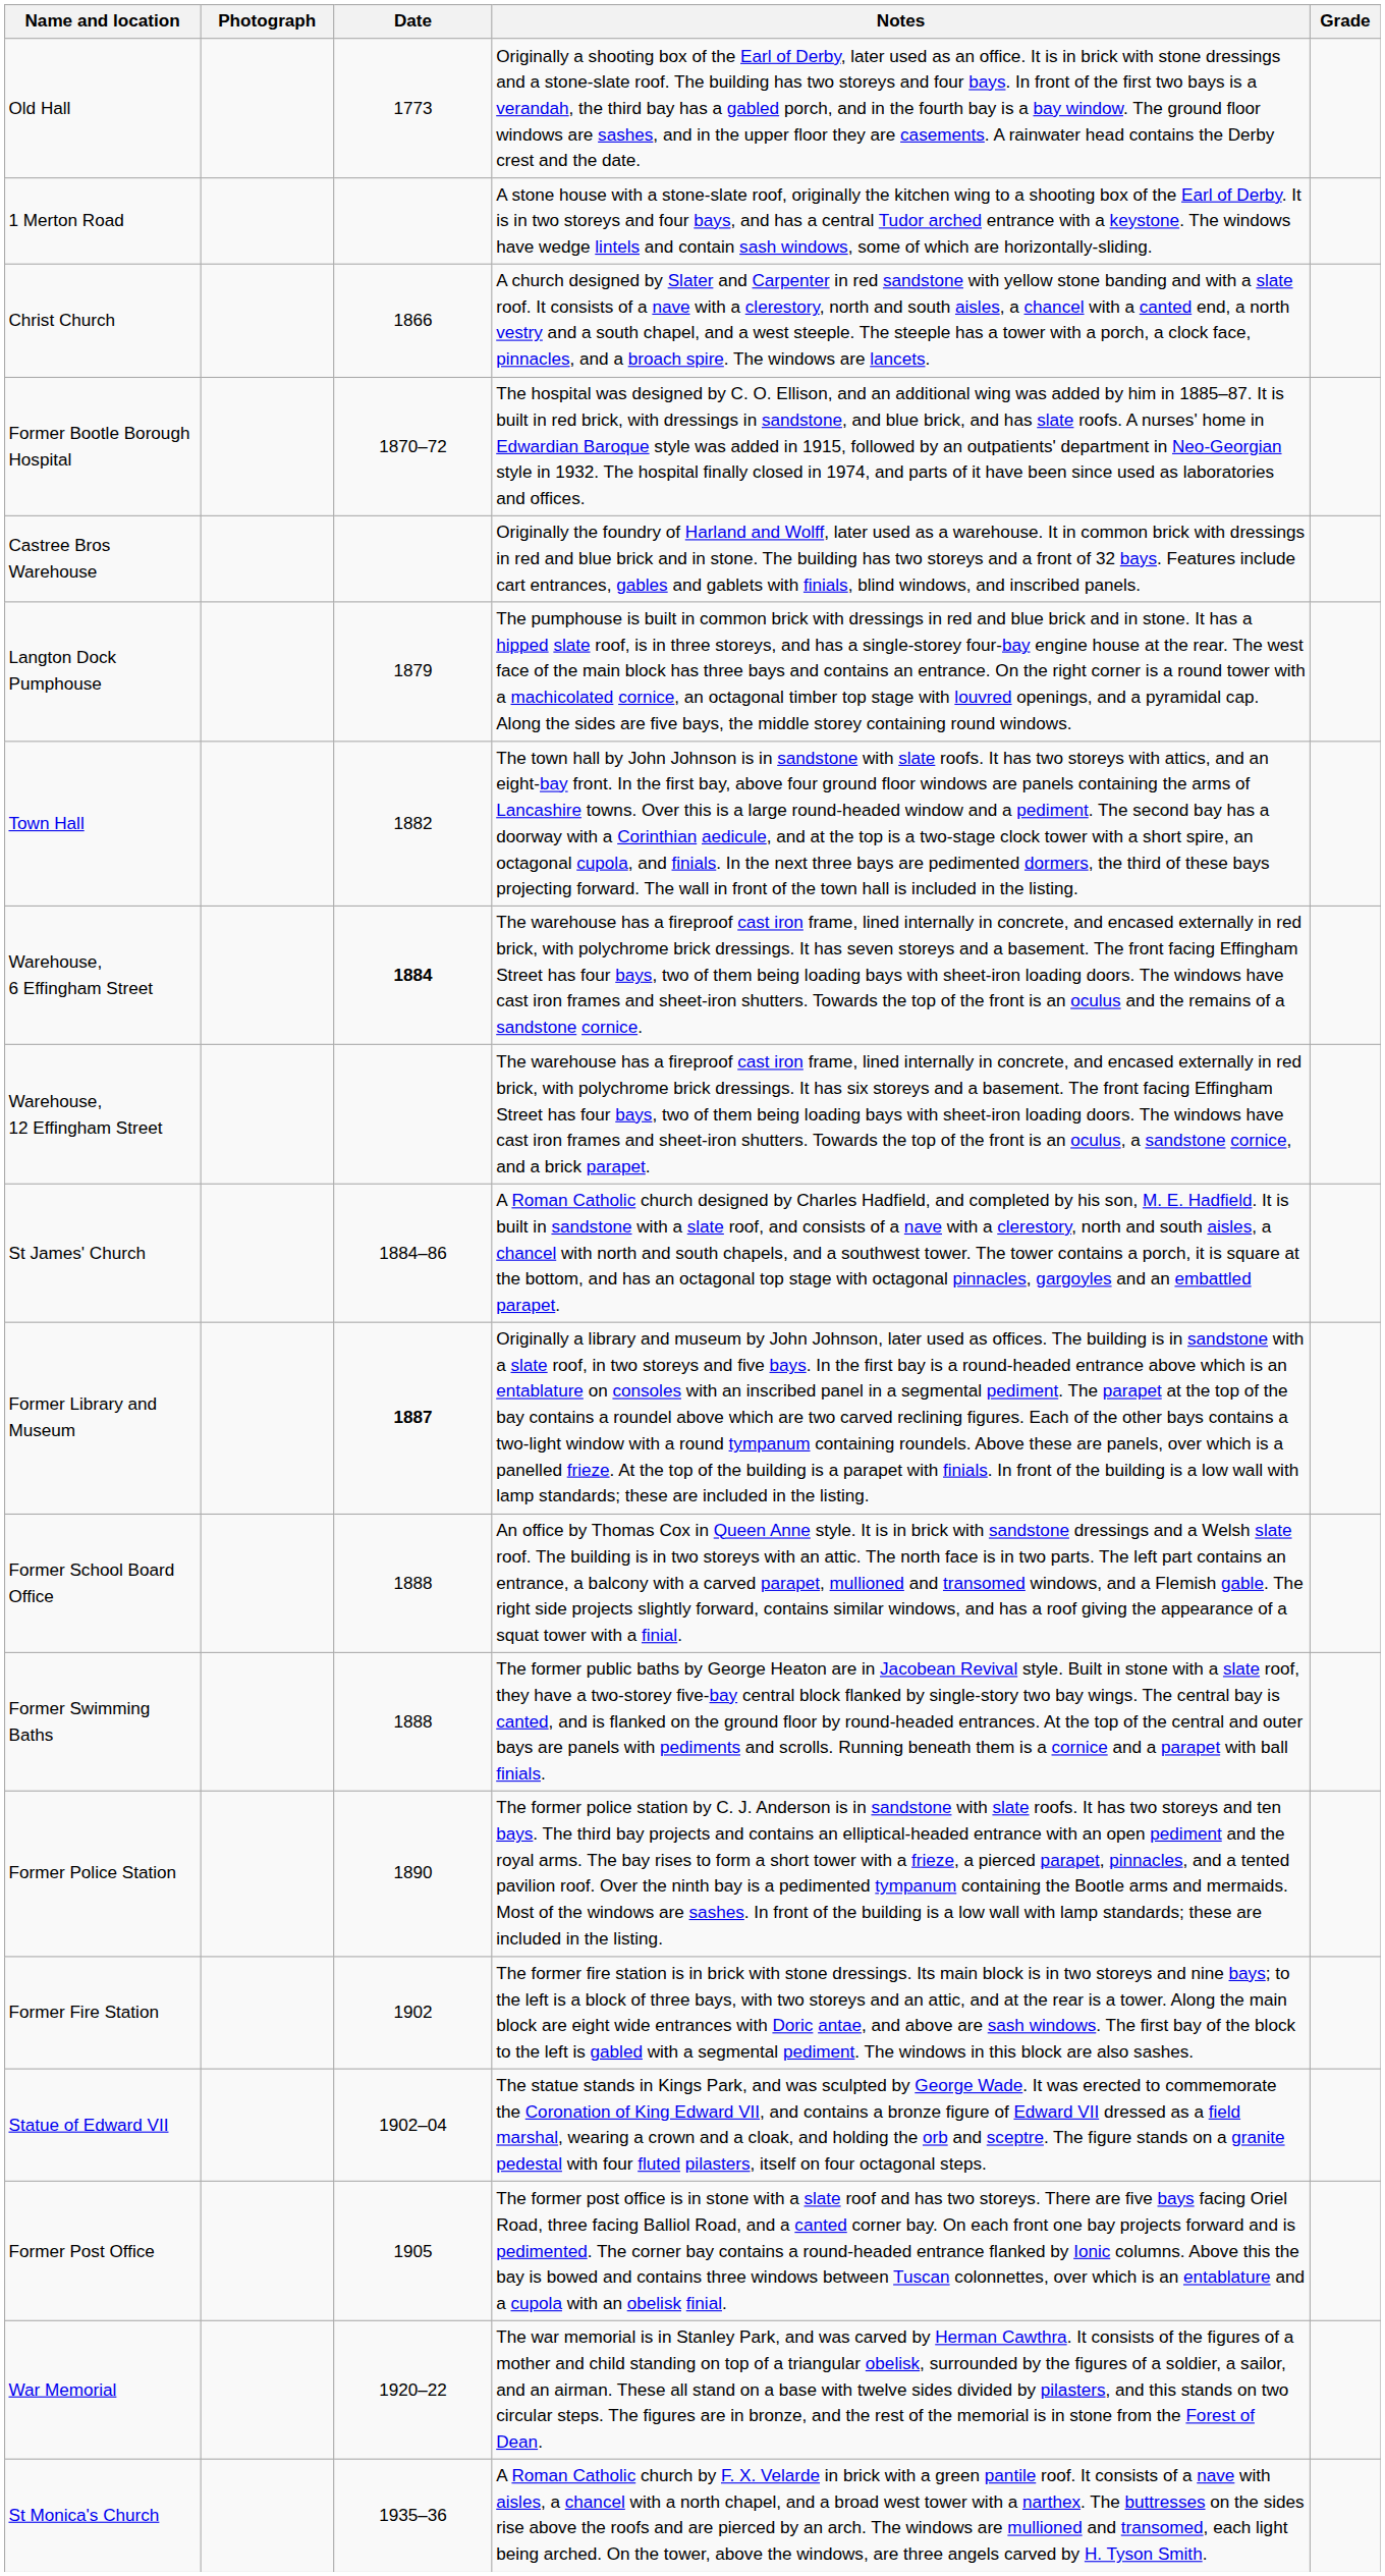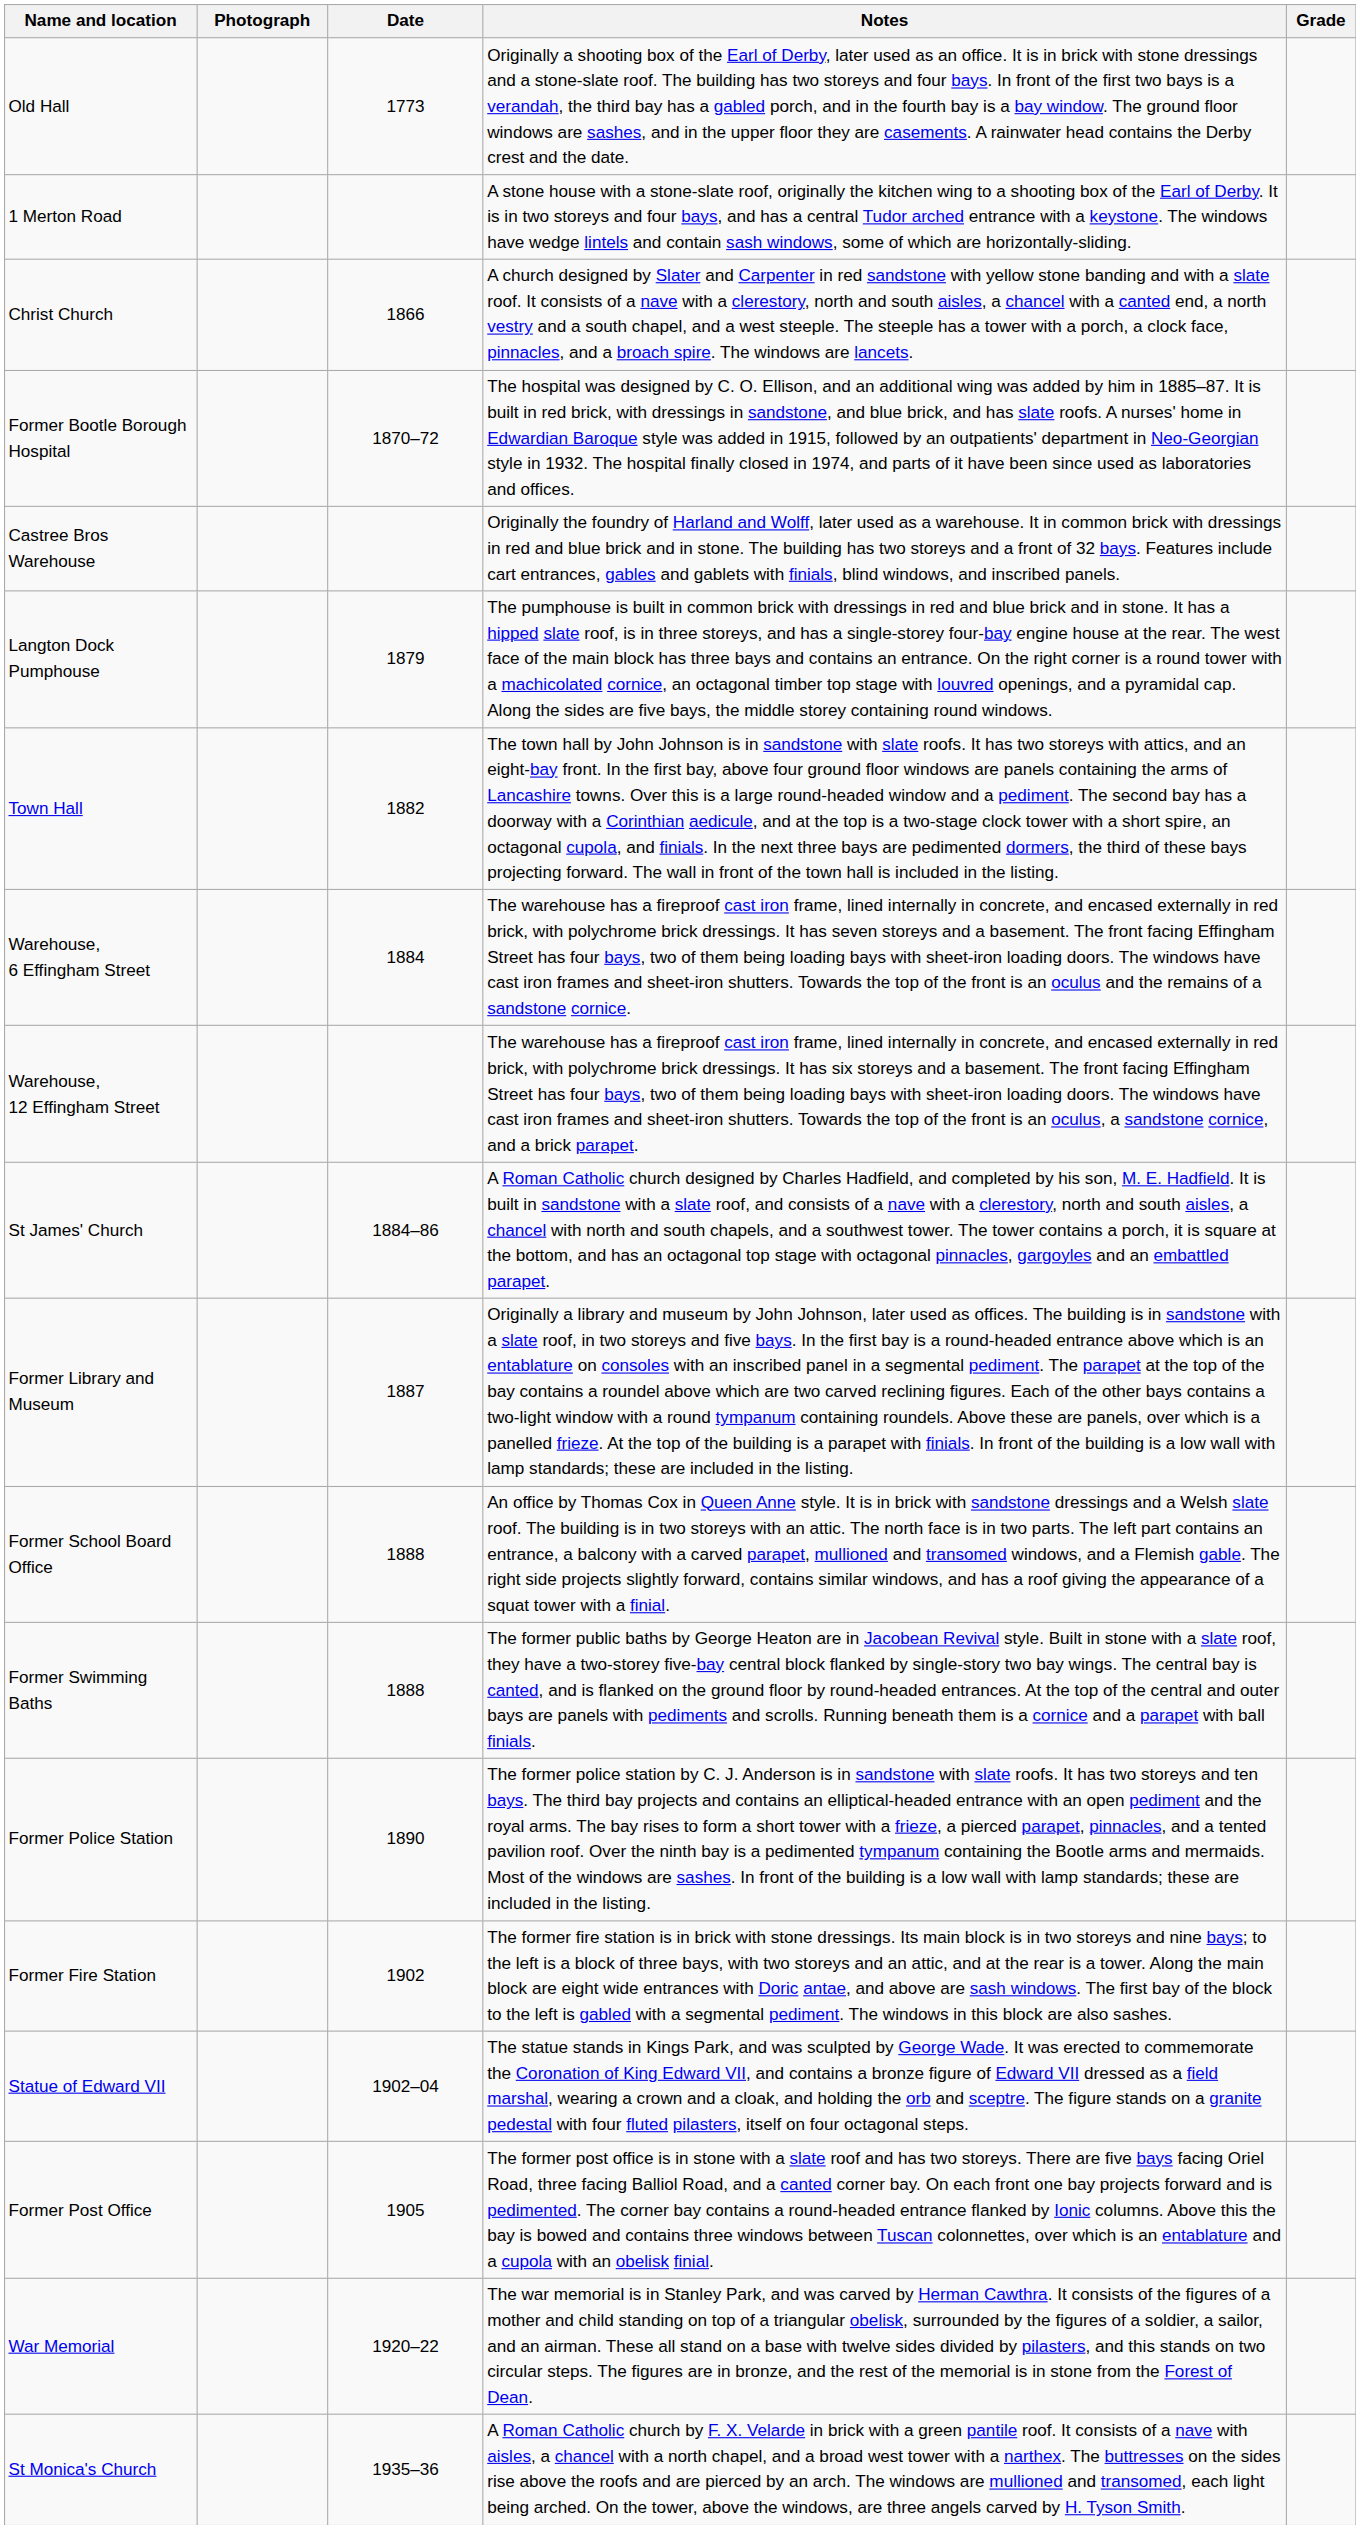 <table class="wikitable sortable plainrowheaders" style="width:100%;border:0px;text-align:left;line-height:150%;">
 <tr>
 <th scope="col"  style="width:150px">Name and location</th>
 <th scope="col"  style="width:100px" class="unsortable">Photograph</th>
 <th scope="col"  style="width:120px">Date</th>
 <th scope="col"  style="width:650px" class="unsortable">Notes</th>
 <th scope="col"  style="width:50px">Grade</th>
 </tr>
 <tr>
 <td>Old Hall<br><small></small></td>
 <td></td>
 <td align="center">1773</td>
 <td>Originally a shooting box of the <a href='#'>Earl of Derby</a>, later used as an office.  It is in brick with stone dressings and a stone-slate roof.  The building has two storeys and four <a href='#'>bays</a>.  In front of the first two bays is a <a href='#'>verandah</a>, the third bay has a <a href='#'>gabled</a> porch, and in the fourth bay is a <a href='#'>bay window</a>.  The ground floor windows are <a href='#'>sashes</a>, and in the upper floor they are <a href='#'>casements</a>.  A rainwater head contains the Derby crest and the date.</td>
 <td align="center" ></td>
 </tr>
 <tr>
 <td>1 Merton Road<br><small></small></td>
 <td></td>
 <td align="center"></td>
 <td>A stone house with a stone-slate roof, originally the kitchen wing to a shooting box of the <a href='#'>Earl of Derby</a>.  It is in two storeys and four <a href='#'>bays</a>, and has a central <a href='#'>Tudor arched</a> entrance with a <a href='#'>keystone</a>.  The windows have wedge <a href='#'>lintels</a> and contain <a href='#'>sash windows</a>, some of which are horizontally-sliding.</td>
 <td align="center" ></td>
 </tr>
 <tr>
 <td>Christ Church<br><small></small></td>
 <td></td>
 <td align="center">1866</td>
 <td>A church designed by <a href='#'>Slater</a> and <a href='#'>Carpenter</a> in red <a href='#'>sandstone</a> with yellow stone banding and with a <a href='#'>slate</a> roof.  It consists of a <a href='#'>nave</a> with a <a href='#'>clerestory</a>, north and south <a href='#'>aisles</a>, a <a href='#'>chancel</a> with a <a href='#'>canted</a> end, a north <a href='#'>vestry</a> and a south chapel, and a west steeple.  The steeple has a tower with a porch, a clock face, <a href='#'>pinnacles</a>, and a <a href='#'>broach spire</a>.  The windows are <a href='#'>lancets</a>.</td>
 <td align="center" ></td>
 </tr>
 <tr>
 <td>Former Bootle Borough Hospital<br><small></small></td>
 <td></td>
 <td align="center">1870–72</td>
 <td>The hospital was designed by C. O. Ellison, and an additional wing was added by him in 1885–87.  It is built in red brick, with dressings in <a href='#'>sandstone</a>, and blue brick, and has <a href='#'>slate</a> roofs.  A nurses' home in <a href='#'>Edwardian Baroque</a> style was added in 1915, followed by an outpatients' department in <a href='#'>Neo-Georgian</a> style in 1932.  The hospital finally closed in 1974, and parts of it have been since used as laboratories and offices.</td>
 <td align="center" ></td>
 </tr>
 <tr>
 <td>Castree Bros Warehouse<br><small></small></td>
 <td></td>
 <td align="center"></td>
 <td>Originally the foundry of <a href='#'>Harland and Wolff</a>, later used as a warehouse.  It in common brick with dressings in red and blue brick and in stone.  The building has two storeys and a front of 32 <a href='#'>bays</a>.  Features include cart entrances, <a href='#'>gables</a> and gablets with <a href='#'>finials</a>, blind windows, and inscribed panels.</td>
 <td align="center" ></td>
 </tr>
 <tr>
 <td>Langton Dock Pumphouse<br><small></small></td>
 <td></td>
 <td align="center">1879</td>
 <td>The pumphouse is built in common brick with dressings in red and blue brick and in stone.  It has a <a href='#'>hipped</a> <a href='#'>slate</a> roof, is in three storeys, and has a single-storey four-<a href='#'>bay</a> engine house at the rear.  The west face of the main block has three bays and contains an entrance.  On the right corner is a round tower with a <a href='#'>machicolated</a> <a href='#'>cornice</a>, an octagonal timber top stage with <a href='#'>louvred</a> openings, and a pyramidal cap.  Along the sides are five bays, the middle storey containing round windows.</td>
 <td align="center" ></td>
 </tr>
 <tr>
 <td><a href='#'>Town Hall</a><br><small></small></td>
 <td></td>
 <td align="center">1882</td>
 <td>The town hall by John Johnson is in <a href='#'>sandstone</a> with <a href='#'>slate</a> roofs.  It has two storeys with attics, and an eight-<a href='#'>bay</a> front.  In the first bay, above four ground floor windows are panels containing the arms of <a href='#'>Lancashire</a> towns.  Over this is a large round-headed window and a <a href='#'>pediment</a>. The second bay has a doorway with a <a href='#'>Corinthian</a> <a href='#'>aedicule</a>, and at the top is a two-stage clock tower with a short spire, an octagonal <a href='#'>cupola</a>, and <a href='#'>finials</a>.  In the next three bays are pedimented <a href='#'>dormers</a>, the third of these bays projecting forward.  The wall in front of the town hall is included in the listing.</td>
 <td align="center" ></td>
 </tr>
 <tr>
 <td>Warehouse,<br>6 Effingham Street<br><small></small></td>
 <td></td>
-<td align="center"><strong>1884</strong></td>
+<td align="center">1884</td>
 <td>The warehouse has a fireproof <a href='#'>cast iron</a> frame, lined internally in concrete, and encased externally in red brick, with polychrome brick dressings.  It has seven storeys and a basement.  The front facing Effingham Street has four <a href='#'>bays</a>, two of them being loading bays with sheet-iron loading doors.  The windows have cast iron frames and sheet-iron shutters.  Towards the top of the front is an <a href='#'>oculus</a> and the remains of a <a href='#'>sandstone</a> <a href='#'>cornice</a>.</td>
 <td align="center" ></td>
 </tr>
 <tr>
 <td>Warehouse,<br>12 Effingham Street<br><small></small></td>
 <td></td>
 <td align="center"></td>
 <td>The warehouse has a fireproof <a href='#'>cast iron</a> frame, lined internally in concrete, and encased externally in red brick, with polychrome brick dressings.  It has six storeys and a basement.  The front facing Effingham Street has four <a href='#'>bays</a>, two of them being loading bays with sheet-iron loading doors.  The windows have cast iron frames and sheet-iron shutters.  Towards the top of the front is an <a href='#'>oculus</a>, a <a href='#'>sandstone</a> <a href='#'>cornice</a>, and a brick <a href='#'>parapet</a>.</td>
 <td align="center" ></td>
 </tr>
 <tr>
 <td>St James' Church<br><small></small></td>
 <td></td>
 <td align="center">1884–86</td>
 <td>A <a href='#'>Roman Catholic</a> church designed by Charles Hadfield, and completed by his son, <a href='#'>M. E. Hadfield</a>.  It is built in <a href='#'>sandstone</a> with a <a href='#'>slate</a> roof, and consists of a <a href='#'>nave</a> with a <a href='#'>clerestory</a>, north and south <a href='#'>aisles</a>, a <a href='#'>chancel</a> with north and south chapels, and a southwest tower.  The tower contains a porch, it is square at the bottom, and has an octagonal top stage with octagonal <a href='#'>pinnacles</a>, <a href='#'>gargoyles</a> and an <a href='#'>embattled</a> <a href='#'>parapet</a>.</td>
 <td align="center" ></td>
 </tr>
 <tr>
 <td>Former Library and Museum<br><small></small></td>
 <td></td>
-<td align="center"><strong>1887</strong></td>
+<td align="center">1887</td>
 <td>Originally a library and museum by John Johnson, later used as offices.  The building is in <a href='#'>sandstone</a> with a <a href='#'>slate</a> roof, in two storeys and five <a href='#'>bays</a>.  In the first bay is a round-headed entrance above which is an <a href='#'>entablature</a> on <a href='#'>consoles</a> with an inscribed panel in a segmental <a href='#'>pediment</a>.  The <a href='#'>parapet</a> at the top of the bay contains a roundel above which are two carved reclining figures.  Each of the other bays contains a two-light window with a round <a href='#'>tympanum</a> containing roundels.  Above these are panels, over which is a panelled <a href='#'>frieze</a>.  At the top of the building is a parapet with <a href='#'>finials</a>.  In front of the building is a low wall with lamp standards; these are included in the listing.</td>
 <td align="center" ></td>
 </tr>
 <tr>
 <td>Former School Board Office<br><small></small></td>
 <td></td>
 <td align="center">1888</td>
 <td>An office by Thomas Cox in <a href='#'>Queen Anne</a> style.  It is in brick with <a href='#'>sandstone</a> dressings and a Welsh <a href='#'>slate</a> roof.  The building is in two storeys with an attic.  The north face is in two parts.  The left part contains an entrance, a balcony with a carved <a href='#'>parapet</a>, <a href='#'>mullioned</a> and <a href='#'>transomed</a> windows, and a Flemish <a href='#'>gable</a>.  The right side projects slightly forward, contains similar windows, and has a roof giving the appearance of a squat tower with a <a href='#'>finial</a>.</td>
 <td align="center" ></td>
 </tr>
 <tr>
 <td>Former Swimming Baths<br><small></small></td>
 <td></td>
 <td align="center">1888</td>
 <td>The former public baths by George Heaton are in <a href='#'>Jacobean Revival</a> style.  Built in stone with a <a href='#'>slate</a> roof, they have a two-storey five-<a href='#'>bay</a> central block flanked by single-story two bay wings.  The central bay is <a href='#'>canted</a>, and is flanked on the ground floor by round-headed entrances.  At the top of the central and outer bays are panels with <a href='#'>pediments</a> and scrolls.  Running beneath them is a <a href='#'>cornice</a> and a <a href='#'>parapet</a> with ball <a href='#'>finials</a>.</td>
 <td align="center" ></td>
 </tr>
 <tr>
 <td>Former Police Station<br><small></small></td>
 <td></td>
 <td align="center">1890</td>
 <td>The former police station by C. J. Anderson is in <a href='#'>sandstone</a> with <a href='#'>slate</a> roofs.  It has two storeys and ten <a href='#'>bays</a>.  The third bay projects and contains an elliptical-headed entrance with an open <a href='#'>pediment</a> and the royal arms.  The bay rises to form a short tower with a <a href='#'>frieze</a>, a pierced <a href='#'>parapet</a>, <a href='#'>pinnacles</a>, and a tented pavilion roof.  Over the ninth bay is a pedimented <a href='#'>tympanum</a> containing the Bootle arms and mermaids.  Most of the windows are <a href='#'>sashes</a>.  In front of the building is a low wall with lamp standards; these are included in the listing.</td>
 <td align="center" ></td>
 </tr>
 <tr>
 <td>Former Fire Station<br><small></small></td>
 <td></td>
 <td align="center">1902</td>
 <td>The former fire station is in brick with stone dressings.  Its main block is in two storeys and nine <a href='#'>bays</a>; to the left is a block of three bays, with two storeys and an attic, and at the rear is a tower.  Along the main block are eight wide entrances with <a href='#'>Doric</a> <a href='#'>antae</a>, and above are <a href='#'>sash windows</a>.  The first bay of the block to the left is <a href='#'>gabled</a> with a segmental <a href='#'>pediment</a>.  The windows in this block are also sashes.</td>
 <td align="center" ></td>
 </tr>
 <tr>
 <td><a href='#'>Statue of Edward VII</a><br><small></small></td>
 <td></td>
 <td align="center">1902–04</td>
 <td>The statue stands in Kings Park, and was sculpted by <a href='#'>George Wade</a>.  It was erected to commemorate the <a href='#'>Coronation of King Edward VII</a>, and contains a bronze figure of <a href='#'>Edward VII</a> dressed as a <a href='#'>field marshal</a>, wearing a crown and a cloak, and holding the <a href='#'>orb</a> and <a href='#'>sceptre</a>.  The figure stands on a <a href='#'>granite</a> <a href='#'>pedestal</a> with four <a href='#'>fluted</a> <a href='#'>pilasters</a>, itself on four octagonal steps.</td>
 <td align="center" ></td>
 </tr>
 <tr>
 <td>Former Post Office<br><small></small></td>
 <td></td>
 <td align="center">1905</td>
 <td>The former post office is in stone with a <a href='#'>slate</a> roof and has two storeys.  There are five <a href='#'>bays</a> facing Oriel Road, three facing Balliol Road, and a <a href='#'>canted</a> corner bay.  On each front one bay projects forward and is <a href='#'>pedimented</a>.  The corner bay contains a round-headed entrance flanked by <a href='#'>Ionic</a> columns.  Above this the bay is bowed and contains three windows between <a href='#'>Tuscan</a> colonnettes, over which is an <a href='#'>entablature</a> and a <a href='#'>cupola</a> with an <a href='#'>obelisk</a> <a href='#'>finial</a>.</td>
 <td align="center" ></td>
 </tr>
 <tr>
 <td><a href='#'>War Memorial</a><br><small></small></td>
 <td></td>
 <td align="center">1920–22</td>
 <td>The war memorial is in Stanley Park, and was carved by <a href='#'>Herman Cawthra</a>.  It consists of the figures of a mother and child standing on top of a triangular <a href='#'>obelisk</a>, surrounded by the figures of a soldier, a sailor, and an airman.  These all stand on a base with twelve sides divided by <a href='#'>pilasters</a>, and this stands on two circular steps.  The figures are in bronze, and the rest of the memorial is in stone from the <a href='#'>Forest of Dean</a>.</td>
 <td align="center" ></td>
 </tr>
 <tr>
 <td><a href='#'>St Monica's Church</a><br><small></small></td>
 <td></td>
 <td align="center">1935–36</td>
 <td>A <a href='#'>Roman Catholic</a> church by <a href='#'>F. X. Velarde</a> in brick with a green <a href='#'>pantile</a> roof.  It consists of a <a href='#'>nave</a> with <a href='#'>aisles</a>, a <a href='#'>chancel</a> with a north chapel, and a broad west tower with a <a href='#'>narthex</a>.  The <a href='#'>buttresses</a> on the sides rise above the roofs and are pierced by an arch.  The windows are <a href='#'>mullioned</a> and <a href='#'>transomed</a>, each light being arched.  On the tower, above the windows, are three angels carved by <a href='#'>H. Tyson Smith</a>.</td>
 <td align="center" ></td>
 </tr>
 <tr>
 </tr>
 </table>
